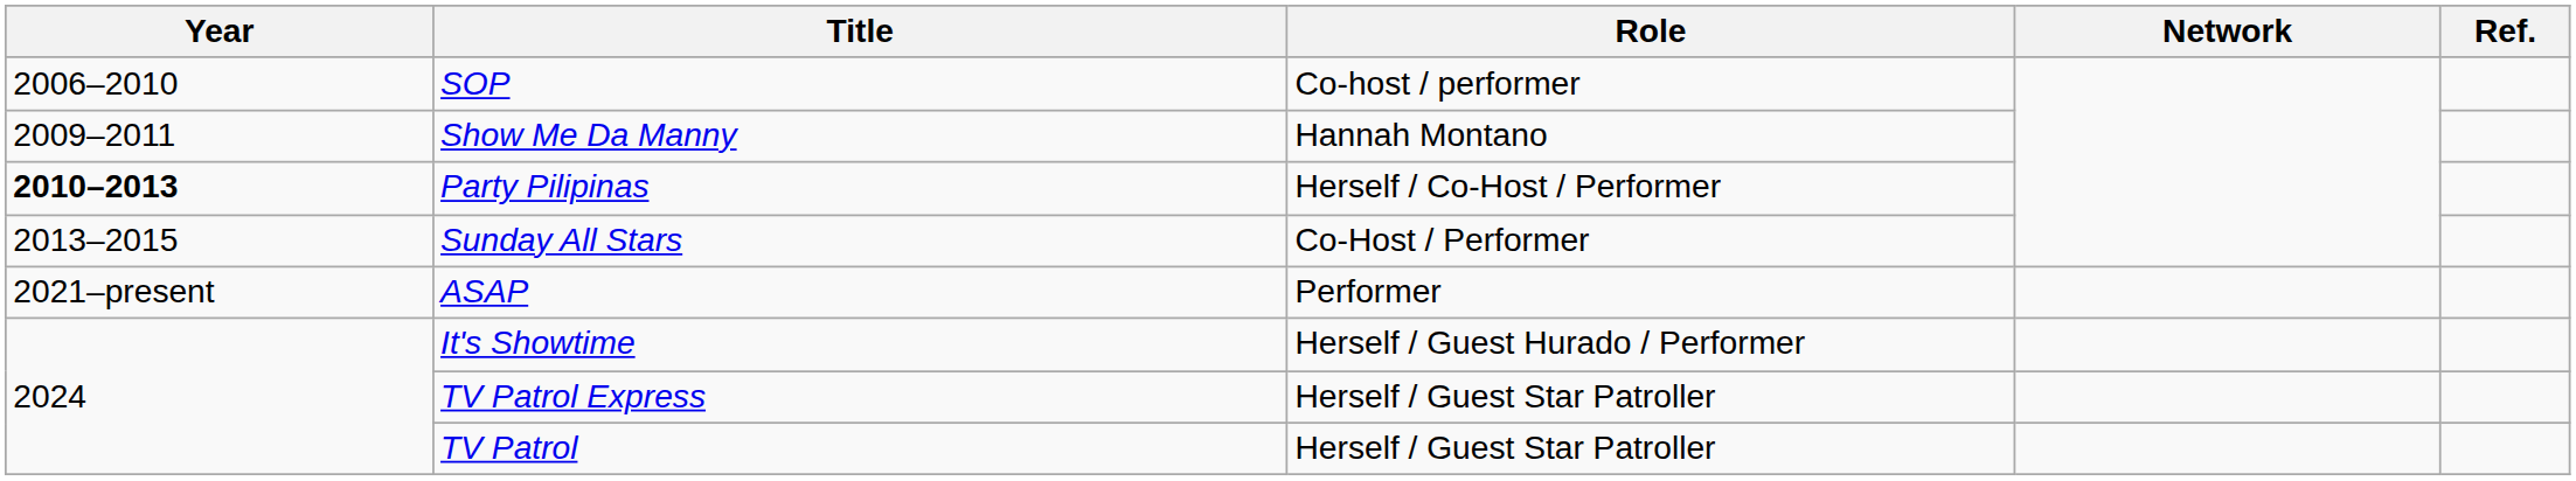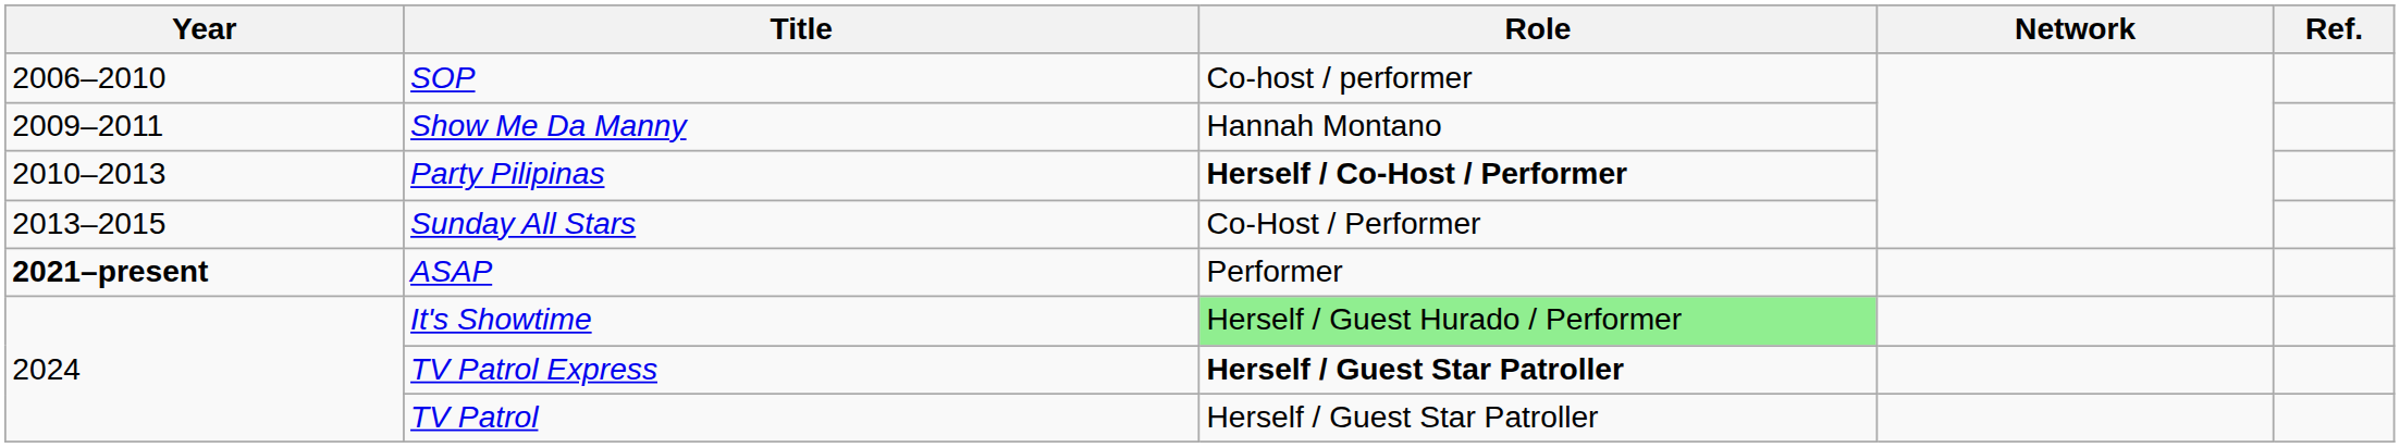 <table class="wikitable sortable">
 <tr>
 <th scope="col" width="10%" style="white-space: nowrap;">Year</th>
 <th scope="col" width="20%" style="white-space: nowrap;">Title</th>
 <th scope="col" width="17%" style="white-space: nowrap;">Role</th>
 <th scope="col" width="10%" style="white-space: nowrap;">Network</th>
 <th scope="col" width="3%" style="white-space: nowrap;">Ref.</th>
 </tr>
 <tr>
 <td>2006–2010</td>
 <td><em><a href='#'>SOP</a></em></td>
 <td>Co-host / performer</td>
 <td rowspan="4"></td>
 </tr>
 <tr>
 <td>2009–2011</td>
 <td><em><a href='#'>Show Me Da Manny</a></em></td>
 <td>Hannah Montano</td>
 <td></td>
 </tr>
 <tr>
-<td><strong>2010–2013</strong></td>
+<td>2010–2013</td>
 <td><em><a href='#'>Party Pilipinas</a></em></td>
-<td>Herself / Co-Host / Performer</td>
+<td><strong>Herself / Co-Host / Performer</strong></td>
 </tr>
 <tr>
 <td>2013–2015</td>
 <td><em><a href='#'>Sunday All Stars</a></em></td>
 <td>Co-Host / Performer</td>
 <td></td>
 </tr>
 <tr>
-<td>2021–present</td>
+<td><strong>2021–present</strong></td>
 <td><em><a href='#'>ASAP</a></em></td>
 <td>Performer</td>
 <td></td>
 <td></td>
 </tr>
 <tr>
 <td rowspan="3">2024</td>
 <td><em><a href='#'>It's Showtime</a></em></td>
-<td>Herself / Guest Hurado / Performer</td>
+<td style="background: lightgreen;">Herself / Guest Hurado / Performer</td>
 <td></td>
 <td></td>
 </tr>
 <tr>
 <td><em><a href='#'>TV Patrol Express</a></em></td>
-<td>Herself / Guest Star Patroller</td>
+<td><strong>Herself / Guest Star Patroller</strong></td>
 <td></td>
 <td></td>
 </tr>
 <tr>
 <td><em><a href='#'>TV Patrol</a></em></td>
 <td>Herself / Guest Star Patroller</td>
 <td></td>
 <td></td>
 </tr>
 </table>
